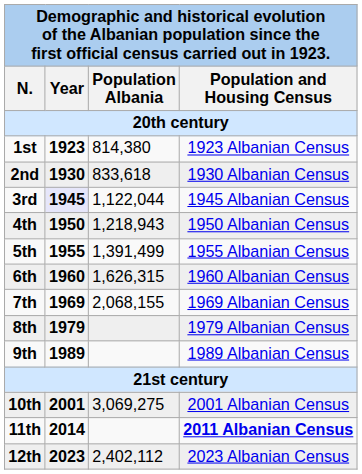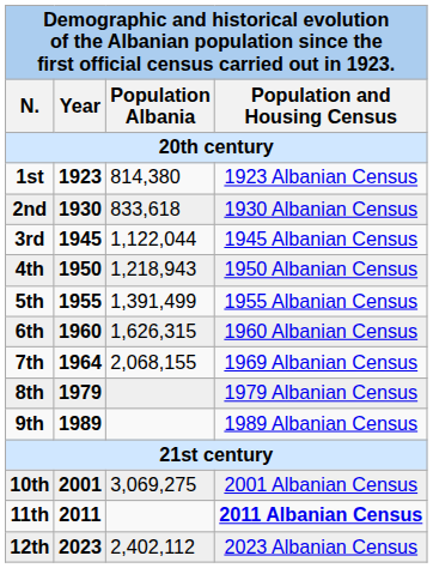 <table class="wikitable">
 <tr>
 <th colspan= "4" style="text-align:center; background:#abcdef;">Demographic and historical evolution <br>of the Albanian population since the <br> first official census carried out in 1923.</th>
 </tr>
 <tr>
 <th>N.</th>
 <th>Year</th>
 <th>Population<br>Albania</th>
 <th>Population and <br> Housing Census</th>
 </tr>
 <tr align="center">
 <td colspan="4" style="background:#D0E7FF"><strong>20th century</strong></td>
 </tr>
 <tr align="center">
 <td><strong>1st</strong></td>
 <td><strong>1923</strong></td>
 <td align="left"> 814,380</td>
 <td><a href='#'>1923 Albanian Census</a></td>
 </tr>
 <tr align="center" style="background:#efefef; color:black">
 <td><strong>2nd</strong></td>
 <td><strong>1930</strong></td>
 <td align="left"> 833,618</td>
 <td><a href='#'>1930 Albanian Census</a></td>
 </tr>
 <tr align="center">
 <td><strong>3rd</strong></td>
-<td style="background: lavender;"><strong>1945</strong></td>
+<td><strong>1945</strong></td>
 <td align="left"> 1,122,044</td>
 <td><a href='#'>1945 Albanian Census</a></td>
 </tr>
 <tr align="center" style="background:#efefef; color:black">
 <td><strong>4th</strong></td>
 <td><strong>1950</strong></td>
 <td align="left"> 1,218,943</td>
 <td><a href='#'>1950 Albanian Census</a></td>
 </tr>
 <tr align="center">
 <td><strong>5th</strong></td>
 <td><strong>1955</strong></td>
 <td align="left"> 1,391,499</td>
 <td><a href='#'>1955 Albanian Census</a></td>
 </tr>
 <tr align="center" style="background:#efefef; color:black">
 <td><strong>6th</strong></td>
 <td><strong>1960</strong></td>
 <td align="left"> 1,626,315</td>
 <td><a href='#'>1960 Albanian Census</a></td>
 </tr>
 <tr align="center">
 <td><strong>7th</strong></td>
-<td><strong>1969</strong></td>
+<td><strong>1964</strong></td>
 <td align="left"> 2,068,155</td>
 <td><a href='#'>1969 Albanian Census</a></td>
 </tr>
 <tr align="center" style="background:#efefef; color:black">
 <td><strong>8th</strong></td>
 <td><strong>1979</strong></td>
 <td align="left"></td>
 <td><a href='#'>1979 Albanian Census</a></td>
 </tr>
 <tr align="center">
 <td><strong>9th</strong></td>
 <td><strong>1989</strong></td>
 <td align="left"></td>
 <td><a href='#'>1989 Albanian Census</a></td>
 </tr>
 <tr align="center">
 <td colspan="4" style="background:#D0E7FF"><strong>21st century</strong></td>
 </tr>
 <tr align="center" style="background:#efefef; color:black">
 <td><strong>10th</strong></td>
 <td><strong>2001</strong></td>
 <td align="left"> 3,069,275</td>
 <td><a href='#'>2001 Albanian Census</a></td>
 </tr>
 <tr align="center">
 <td><strong>11th</strong></td>
-<td><strong>2014</strong></td>
+<td><strong>2011</strong></td>
 <td align="left"></td>
 <td><strong><a href='#'>2011 Albanian Census</a></strong></td>
 </tr>
 <tr align="center" style="background:#efefef; color:black">
 <td><strong>12th</strong></td>
 <td><strong>2023</strong></td>
 <td align="left"> 2,402,112</td>
 <td><a href='#'>2023 Albanian Census</a></td>
 </tr>
 </table>
